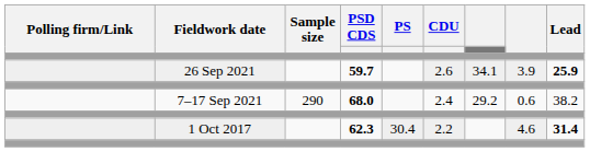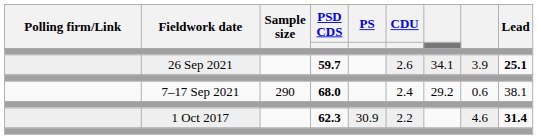 <table class="wikitable sortable mw-datatable" style="text-align:center;font-size:90%;line-height:16px;">
 <tr style="height:42px;">
 <th style="width:145px;" rowspan="2">Polling firm/Link</th>
 <th style="width:125px;" rowspan="2">Fieldwork date</th>
 <th class="unsortable" style="width:50px;" rowspan="2">Sample size</th>
 <th class="unsortable" style="width:35px;"><a href='#'>PSD</a><br><a href='#'>CDS</a></th>
 <th class="unsortable" style="width:35px;"><a href='#'>PS</a></th>
 <th class="unsortable" style="width:35px;"><a href='#'>CDU</a></th>
 <th class="unsortable" style="width:35px;"></th>
 <th class="unsortable" style="width:35px;" rowspan="2"></th>
 <th class="unsortable" style="width:30px;" rowspan="2">Lead</th>
 </tr>
 <tr>
 <th class="unsortable" style="color:inherit;background:"></th>
 <th class="unsortable" style="color:inherit;background:"></th>
 <th class="unsortable" style="color:inherit;background:"></th>
 <th class="unsortable" style="color:inherit;background:#777777;"></th>
 </tr>
 <tr>
 <td colspan="12" style="background:#A0A0A0"></td>
 </tr>
 <tr>
 <td style="background:#EFEFEF;"><strong></strong></td>
 <td style="background:#EFEFEF;" data-sort-value="2019-10-06">26 Sep 2021</td>
 <td></td>
 <td><strong>59.7</strong><br></td>
 <td></td>
 <td style="background:#EFEFEF;">2.6<br></td>
 <td style="background:#EFEFEF;">34.1<br></td>
 <td style="background:#EFEFEF;">3.9</td>
-<td style="background:"><strong>25.9</strong></td>
+<td style="background:"><strong>25.1</strong></td>
 </tr>
 <tr>
 <td colspan="12" style="background:#A0A0A0"></td>
 </tr>
 <tr>
 <td align="center"></td>
 <td align="center">7–17 Sep 2021</td>
 <td align="center">290</td>
 <td align="center" ><strong>68.0</strong></td>
 <td></td>
 <td align="center">2.4</td>
 <td align="center">29.2</td>
 <td align="center">0.6</td>
-<td style="background:">38.2</td>
+<td style="background:">38.1</td>
 </tr>
 <tr>
 <td colspan="12" style="background:#A0A0A0"></td>
 </tr>
 <tr>
 <td style="background:#EFEFEF;"><strong></strong></td>
 <td style="background:#EFEFEF;" data-sort-value="2019-10-06">1 Oct 2017</td>
 <td></td>
 <td><strong>62.3</strong><br></td>
-<td style="background:#EFEFEF;">30.4<br></td>
+<td style="background:#EFEFEF;">30.9<br></td>
 <td style="background:#EFEFEF;">2.2<br></td>
 <td></td>
 <td style="background:#EFEFEF;">4.6</td>
 <td style="background:"><strong>31.4</strong></td>
 </tr>
 <tr>
 <td colspan="12" style="background:#A0A0A0"></td>
 </tr>
 </table>
